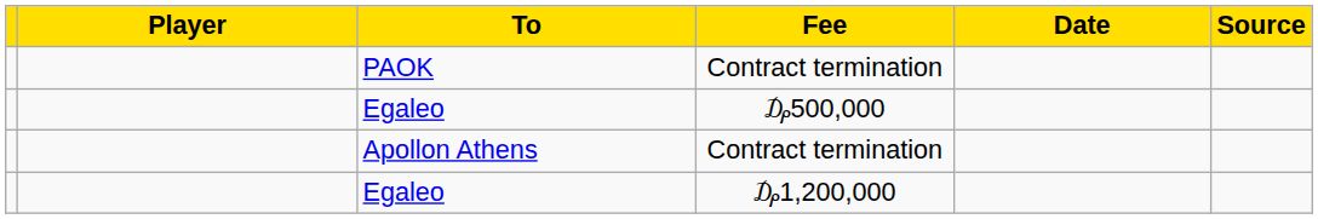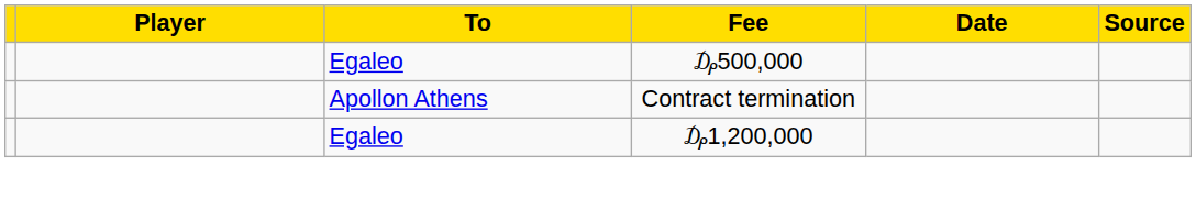 <table class="wikitable sortable">
 <tr>
 <th style="background:#FFDE00"></th>
 <th width=200 style="background:#FFDE00">Player</th>
 <th width=200 style="background:#FFDE00">To</th>
 <th width=150 style="background:#FFDE00">Fee</th>
 <th width=150 style="background:#FFDE00">Date</th>
 <th style="background:#FFDE00">Source</th>
-</tr>
-<tr>
-<td align=center></td>
-<td></td>
-<td> <a href='#'>PAOK</a></td>
-<td align=center>Contract termination</td>
-<td align=center></td>
-<td align=center></td>
 </tr>
 <tr>
 <td align=center></td>
 <td></td>
 <td> <a href='#'>Egaleo</a></td>
 <td align=center>₯500,000</td>
 <td align=center></td>
 <td align=center></td>
 </tr>
 <tr>
 <td align=center></td>
 <td></td>
 <td> <a href='#'>Apollon Athens</a></td>
 <td align=center>Contract termination</td>
 <td align=center></td>
 <td align=center></td>
 </tr>
 <tr>
 <td align=center></td>
 <td></td>
 <td> <a href='#'>Egaleo</a></td>
 <td align=center>₯1,200,000</td>
 <td align=center></td>
 <td align=center></td>
 </tr>
 </table>
